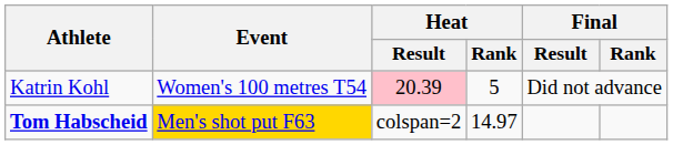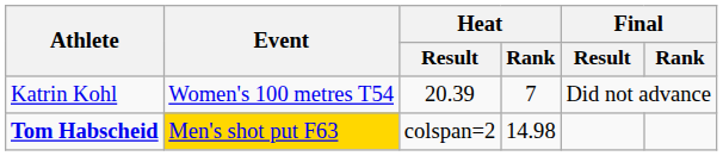 <table class="wikitable" style="text-align: center; font-size:90%">
 <tr>
 <th rowspan="2">Athlete</th>
 <th rowspan="2">Event</th>
 <th colspan="2">Heat</th>
 <th colspan="2">Final</th>
 </tr>
 <tr style="font-size:95%">
 <th>Result</th>
 <th>Rank</th>
 <th>Result</th>
 <th>Rank</th>
 </tr>
 <tr>
 <td align=left><a href='#'>Katrin Kohl</a></td>
 <td align=left><a href='#'>Women's 100 metres T54</a></td>
-<td style="background: pink;">20.39</td>
-<td>5</td>
+<td>20.39</td>
+<td>7</td>
 <td colspan=2>Did not advance</td>
 </tr>
 <tr>
 <td align=left><strong><a href='#'>Tom Habscheid</a></strong></td>
 <td align=left style="background: gold;"><a href='#'>Men's shot put F63</a></td>
 <td>colspan=2 </td>
-<td>14.97</td>
+<td>14.98</td>
 <td></td>
 </tr>
 </table>
